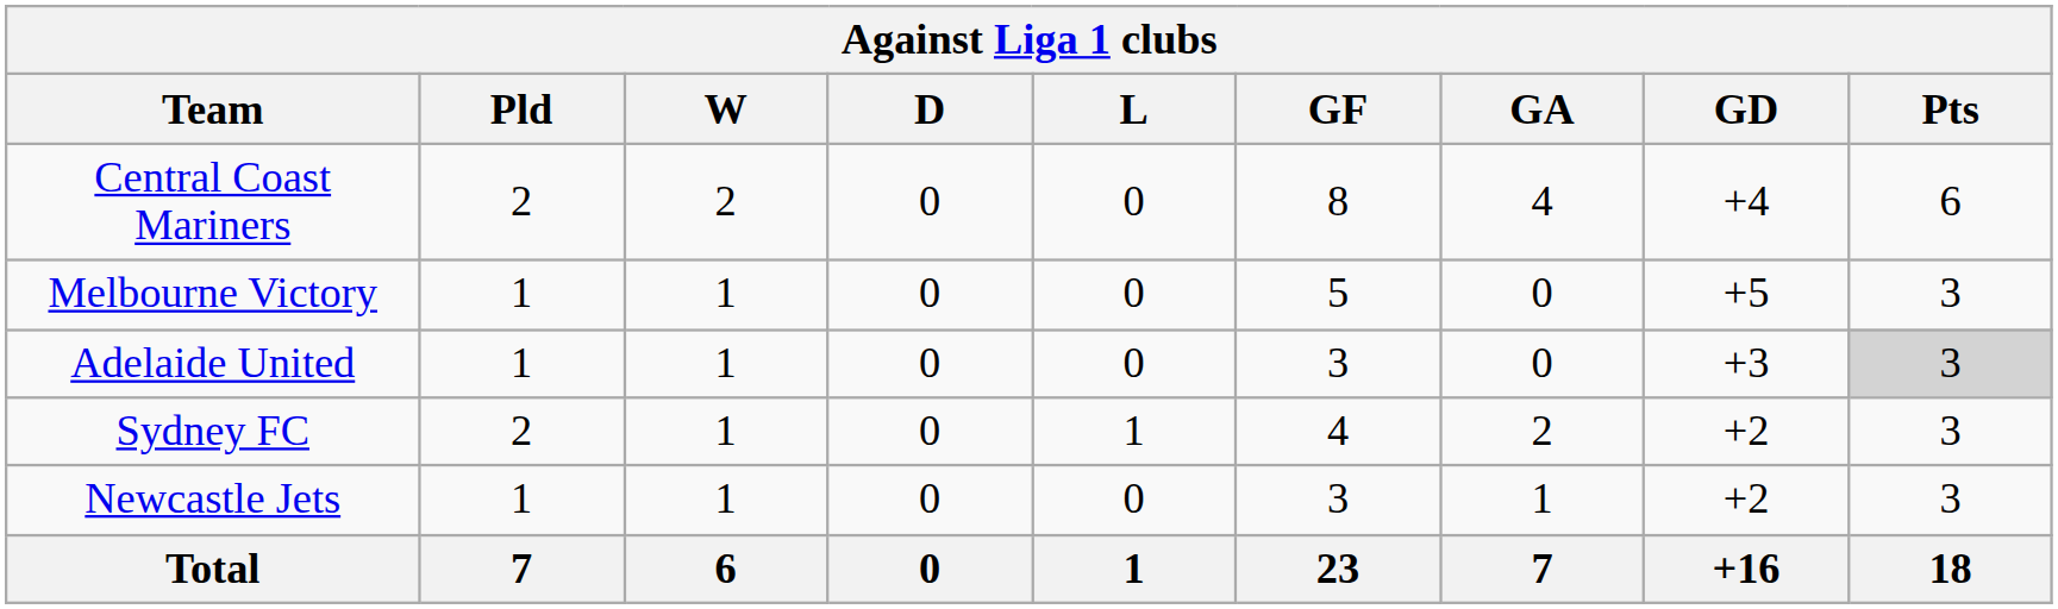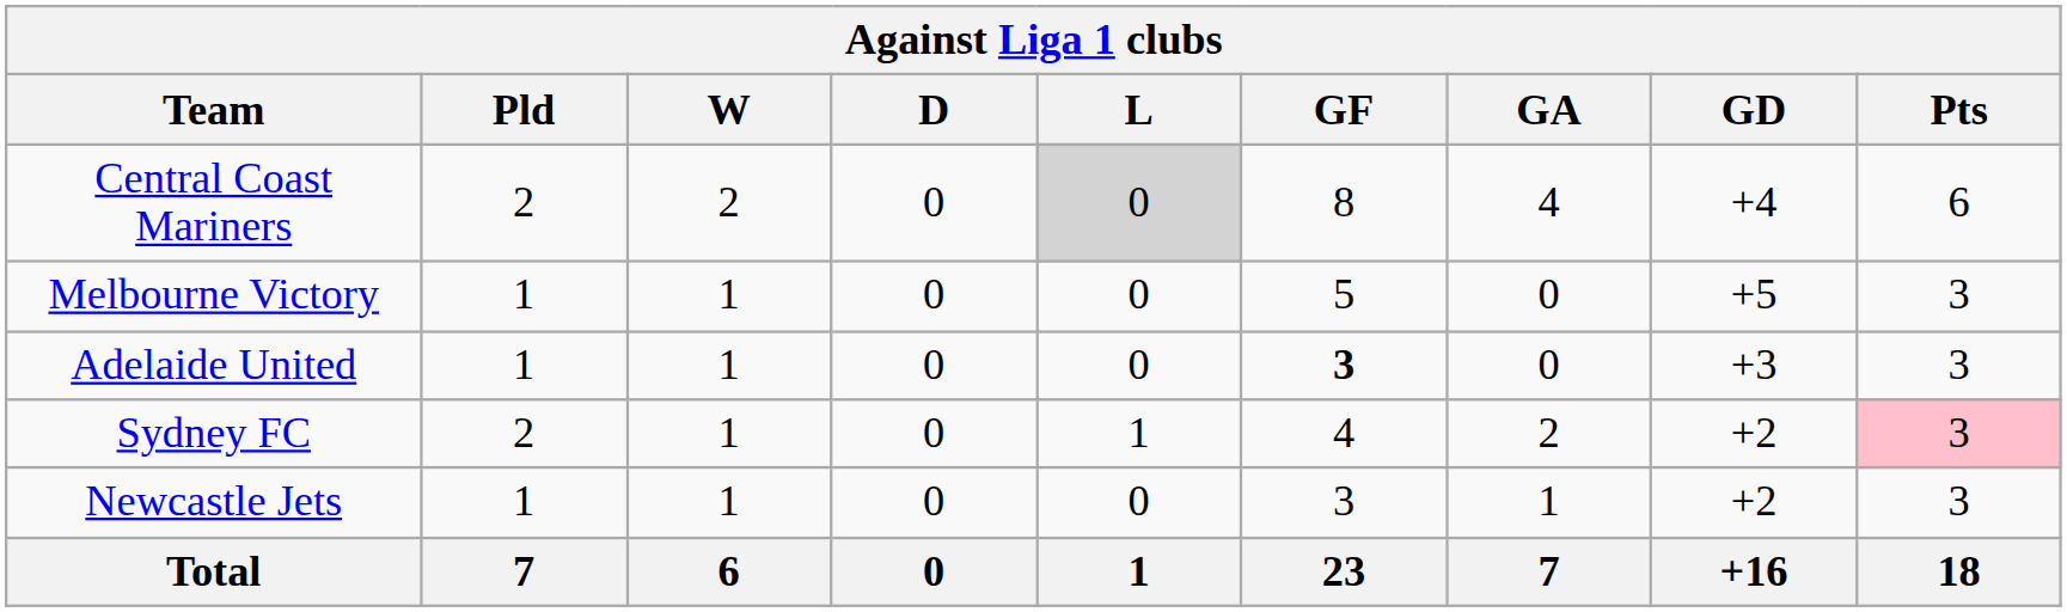 <table width=60% class="wikitable" style="text-align:center">
 <tr>
 <th colspan=9>Against <a href='#'>Liga 1</a> clubs</th>
 </tr>
 <tr>
 <th width=10%>Team</th>
 <th width=5%>Pld</th>
 <th width=5%>W</th>
 <th width=5%>D</th>
 <th width=5%>L</th>
 <th width=5%>GF</th>
 <th width=5%>GA</th>
 <th width=5%>GD</th>
 <th width=5%>Pts</th>
 </tr>
 <tr>
 <td align=center><a href='#'>Central Coast Mariners</a></td>
 <td>2</td>
 <td>2</td>
 <td>0</td>
-<td>0</td>
+<td style="background: lightgrey;">0</td>
 <td>8</td>
 <td>4</td>
 <td>+4</td>
 <td>6</td>
 </tr>
 <tr>
 <td align=center><a href='#'>Melbourne Victory</a></td>
 <td>1</td>
 <td>1</td>
 <td>0</td>
 <td>0</td>
 <td>5</td>
 <td>0</td>
 <td>+5</td>
 <td>3</td>
 </tr>
 <tr>
 <td align=center><a href='#'>Adelaide United</a></td>
 <td>1</td>
 <td>1</td>
 <td>0</td>
 <td>0</td>
-<td>3</td>
+<td><strong>3</strong></td>
 <td>0</td>
 <td>+3</td>
-<td style="background: lightgrey;">3</td>
+<td>3</td>
 </tr>
 <tr>
 <td align=center><a href='#'>Sydney FC</a></td>
 <td>2</td>
 <td>1</td>
 <td>0</td>
 <td>1</td>
 <td>4</td>
 <td>2</td>
 <td>+2</td>
-<td>3</td>
+<td style="background: pink;">3</td>
 </tr>
 <tr>
 <td align=center><a href='#'>Newcastle Jets</a></td>
 <td>1</td>
 <td>1</td>
 <td>0</td>
 <td>0</td>
 <td>3</td>
 <td>1</td>
 <td>+2</td>
 <td>3</td>
 </tr>
 <tr>
 <th>Total</th>
 <th>7</th>
 <th>6</th>
 <th>0</th>
 <th>1</th>
 <th>23</th>
 <th>7</th>
 <th>+16</th>
 <th>18</th>
 </tr>
 </table>
